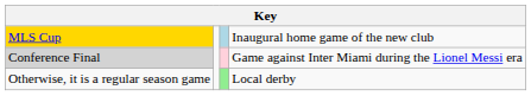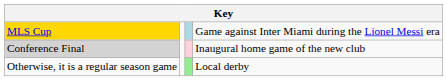 <table class="wikitable">
 <tr>
 <th colspan=4>Key</th>
 </tr>
 <tr>
 <td style="background: gold"><a href='#'>MLS Cup</a></td>
 <td rowspan=3></td>
 <td style="background-color:#ADD8E6"> </td>
-<td>Inaugural home game of the new club</td>
+<td>Game against Inter Miami during the <a href='#'>Lionel Messi</a> era</td>
 </tr>
 <tr>
 <td style="background: #D3D3D3">Conference Final</td>
 <td style="background-color:#FFD1DC"> </td>
-<td>Game against Inter Miami during the <a href='#'>Lionel Messi</a> era</td>
+<td>Inaugural home game of the new club</td>
 </tr>
 <tr>
 <td>Otherwise, it is a regular season game</td>
 <td style="background-color:#90EE90"> </td>
 <td>Local derby</td>
 </tr>
 </table>
